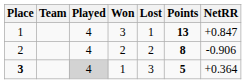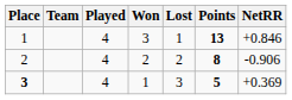 <table class="wikitable">
 <tr>
 <th>Place</th>
 <th>Team</th>
 <th>Played</th>
 <th>Won</th>
 <th>Lost</th>
 <th>Points</th>
 <th>NetRR</th>
 </tr>
 <tr align="center">
 <td>1</td>
 <td align="left"></td>
 <td>4</td>
 <td>3</td>
 <td>1</td>
 <td><strong>13</strong></td>
-<td>+0.847</td>
+<td>+0.846</td>
 </tr>
 <tr align="center">
 <td>2</td>
 <td align="left"></td>
 <td>4</td>
 <td>2</td>
 <td>2</td>
 <td><strong>8</strong></td>
 <td>-0.906</td>
 </tr>
 <tr align="center">
 <td><strong>3</strong></td>
 <td align="left"></td>
-<td style="background: lightgrey;">4</td>
+<td>4</td>
 <td>1</td>
 <td>3</td>
 <td><strong>5</strong></td>
-<td>+0.364</td>
+<td>+0.369</td>
 </tr>
 </table>
